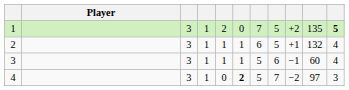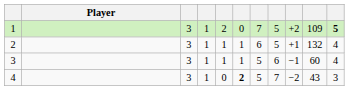 <table class="wikitable" style="text-align:center; margin: 1em auto 1em auto, align:left">
 <tr>
 <th width=20></th>
 <th width=240>Player</th>
 <th width=20></th>
 <th width=20></th>
 <th width=20></th>
 <th width=20></th>
 <th width=20></th>
 <th width=20></th>
 <th width=20></th>
 <th width=30></th>
 <th width=20></th>
 </tr>
 <tr style="background:#D0F0C0;">
 <td>1</td>
 <td align=left></td>
 <td>3</td>
 <td>1</td>
 <td>2</td>
 <td>0</td>
 <td>7</td>
 <td>5</td>
 <td>+2</td>
-<td>135</td>
+<td>109</td>
 <td><strong>5</strong></td>
 </tr>
 <tr style=>
 <td>2</td>
 <td align=left></td>
 <td>3</td>
 <td>1</td>
 <td>1</td>
 <td>1</td>
 <td>6</td>
 <td>5</td>
 <td>+1</td>
 <td>132</td>
 <td>4</td>
 </tr>
 <tr style=>
 <td>3</td>
 <td align=left></td>
 <td>3</td>
 <td>1</td>
 <td>1</td>
 <td>1</td>
 <td>5</td>
 <td>6</td>
 <td>−1</td>
 <td>60</td>
 <td>4</td>
 </tr>
 <tr style=>
 <td>4</td>
 <td align=left></td>
 <td>3</td>
 <td>1</td>
 <td>0</td>
 <td><strong>2</strong></td>
 <td>5</td>
 <td>7</td>
 <td>−2</td>
-<td>97</td>
+<td>43</td>
 <td>3</td>
 </tr>
 </table>
